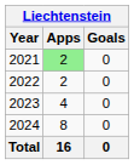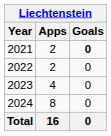 <table class="wikitable" style="text-align:center">
 <tr>
 <th colspan=3><a href='#'>Liechtenstein</a></th>
 </tr>
 <tr>
 <th>Year</th>
 <th>Apps</th>
 <th>Goals</th>
 </tr>
 <tr>
 <td>2021</td>
-<td style="background: lightgreen;">2</td>
-<td>0</td>
+<td>2</td>
+<td><strong>0</strong></td>
 </tr>
 <tr>
 <td>2022</td>
 <td>2</td>
 <td>0</td>
 </tr>
 <tr>
 <td>2023</td>
 <td>4</td>
 <td>0</td>
 </tr>
 <tr>
 <td>2024</td>
 <td>8</td>
 <td>0</td>
 </tr>
 <tr>
 <th>Total</th>
 <th>16</th>
 <th>0</th>
 </tr>
 </table>
